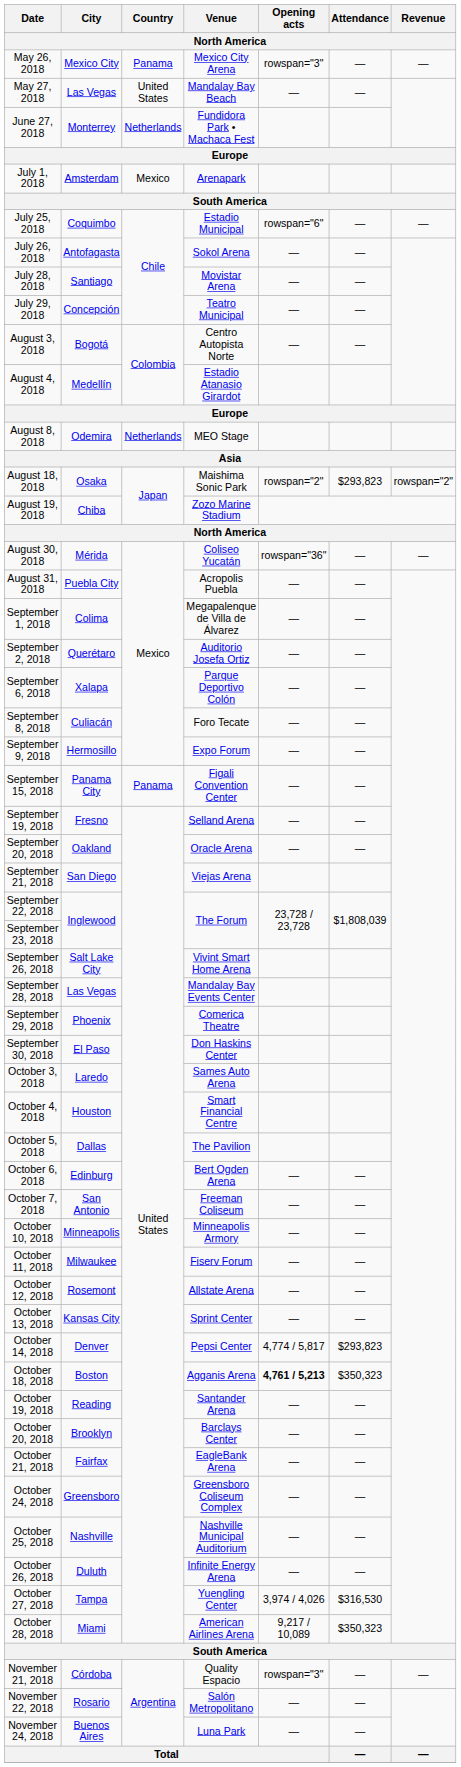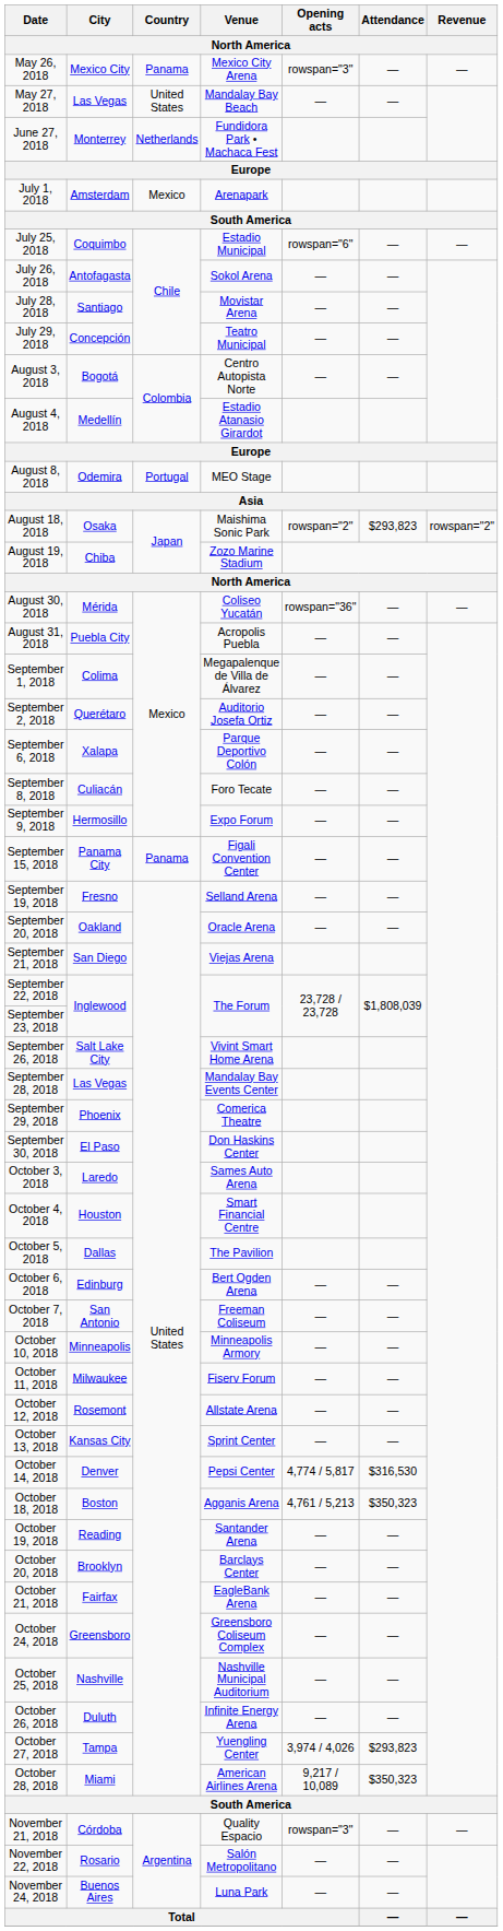 <table class="wikitable" style="text-align:center;">
 <tr>
 <th scope="col" style="width:12em;">Date</th>
 <th scope="col" style="width:10em;">City</th>
 <th scope="col" style="width:10em;">Country</th>
 <th scope="col" style="width:16em;">Venue</th>
 <th scope="col" style="width:10em;">Opening acts</th>
 <th scope="col" style="width:10em;">Attendance</th>
 <th scope="col" style="width:10em;">Revenue</th>
 </tr>
 <tr>
 <th colspan="7">North America</th>
 </tr>
 <tr>
 <td>May 26, 2018</td>
 <td><a href='#'>Mexico City</a></td>
 <td><a href='#'>Panama</a></td>
 <td><a href='#'>Mexico City Arena</a></td>
 <td>rowspan="3" </td>
 <td>—</td>
 <td>—</td>
 </tr>
 <tr>
 <td>May 27, 2018</td>
 <td><a href='#'>Las Vegas</a></td>
 <td>United States</td>
 <td><a href='#'>Mandalay Bay Beach</a></td>
 <td>—</td>
 <td>—</td>
 </tr>
 <tr>
 <td>June 27, 2018</td>
 <td><a href='#'>Monterrey</a></td>
 <td><a href='#'>Netherlands</a></td>
 <td><a href='#'>Fundidora Park</a> • <a href='#'>Machaca Fest</a></td>
 <td></td>
 <td></td>
 </tr>
 <tr>
 <th colspan="7">Europe</th>
 </tr>
 <tr>
 <td>July 1, 2018</td>
 <td><a href='#'>Amsterdam</a></td>
 <td>Mexico</td>
 <td><a href='#'>Arenapark</a></td>
 <td></td>
 <td></td>
 <td></td>
 </tr>
 <tr>
 <th colspan="7">South America</th>
 </tr>
 <tr>
 <td>July 25, 2018</td>
 <td><a href='#'>Coquimbo</a></td>
 <td rowspan="4"><a href='#'>Chile</a></td>
 <td><a href='#'>Estadio Municipal</a></td>
 <td>rowspan="6" </td>
 <td>—</td>
 <td>—</td>
 </tr>
 <tr>
 <td>July 26, 2018</td>
 <td><a href='#'>Antofagasta</a></td>
 <td><a href='#'>Sokol Arena</a></td>
 <td>—</td>
 <td>—</td>
 </tr>
 <tr>
 <td>July 28, 2018</td>
 <td><a href='#'>Santiago</a></td>
 <td><a href='#'>Movistar Arena</a></td>
 <td>—</td>
 <td>—</td>
 </tr>
 <tr>
 <td>July 29, 2018</td>
 <td><a href='#'>Concepción</a></td>
 <td><a href='#'>Teatro Municipal</a></td>
 <td>—</td>
 <td>—</td>
 </tr>
 <tr>
 <td>August 3, 2018</td>
 <td><a href='#'>Bogotá</a></td>
 <td rowspan="2"><a href='#'>Colombia</a></td>
 <td>Centro Autopista Norte</td>
 <td>—</td>
 <td>—</td>
 </tr>
 <tr>
 <td>August 4, 2018</td>
 <td><a href='#'>Medellín</a></td>
 <td><a href='#'>Estadio Atanasio Girardot</a></td>
 <td></td>
 <td></td>
 </tr>
 <tr>
 <th colspan="7">Europe</th>
 </tr>
 <tr>
 <td>August 8, 2018</td>
 <td><a href='#'>Odemira</a></td>
-<td><a href='#'>Netherlands</a></td>
+<td><a href='#'>Portugal</a></td>
 <td>MEO Stage</td>
 <td></td>
 <td></td>
 <td></td>
 </tr>
 <tr>
 <th colspan="7">Asia</th>
 </tr>
 <tr>
 <td>August 18, 2018</td>
 <td><a href='#'>Osaka</a></td>
 <td rowspan="2"><a href='#'>Japan</a></td>
 <td>Maishima Sonic Park</td>
 <td>rowspan="2" </td>
 <td>$293,823</td>
 <td>rowspan="2" </td>
 </tr>
 <tr>
 <td>August 19, 2018</td>
 <td><a href='#'>Chiba</a></td>
 <td><a href='#'>Zozo Marine Stadium</a></td>
 </tr>
 <tr>
 <th colspan="7">North America</th>
 </tr>
 <tr>
 <td>August 30, 2018</td>
 <td><a href='#'>Mérida</a></td>
 <td rowspan="7">Mexico</td>
 <td><a href='#'>Coliseo Yucatán</a></td>
 <td>rowspan="36" </td>
 <td>—</td>
 <td>—</td>
 </tr>
 <tr>
 <td>August 31, 2018</td>
 <td><a href='#'>Puebla City</a></td>
 <td>Acropolis Puebla</td>
 <td>—</td>
 <td>—</td>
 </tr>
 <tr>
 <td>September 1, 2018</td>
 <td><a href='#'>Colima</a></td>
 <td>Megapalenque de Villa de Álvarez</td>
 <td>—</td>
 <td>—</td>
 </tr>
 <tr>
 <td>September 2, 2018</td>
 <td><a href='#'>Querétaro</a></td>
 <td><a href='#'>Auditorio Josefa Ortiz</a></td>
 <td>—</td>
 <td>—</td>
 </tr>
 <tr>
 <td>September 6, 2018</td>
 <td><a href='#'>Xalapa</a></td>
 <td><a href='#'>Parque Deportivo Colón</a></td>
 <td>—</td>
 <td>—</td>
 </tr>
 <tr>
 <td>September 8, 2018</td>
 <td><a href='#'>Culiacán</a></td>
 <td>Foro Tecate</td>
 <td>—</td>
 <td>—</td>
 </tr>
 <tr>
 <td>September 9, 2018</td>
 <td><a href='#'>Hermosillo</a></td>
 <td><a href='#'>Expo Forum</a></td>
 <td>—</td>
 <td>—</td>
 </tr>
 <tr>
 <td>September 15, 2018</td>
 <td><a href='#'>Panama City</a></td>
 <td><a href='#'>Panama</a></td>
 <td><a href='#'>Figali Convention Center</a></td>
 <td>—</td>
 <td>—</td>
 </tr>
 <tr>
 <td>September 19, 2018</td>
 <td><a href='#'>Fresno</a></td>
 <td rowspan="28">United States</td>
 <td><a href='#'>Selland Arena</a></td>
 <td>—</td>
 <td>—</td>
 </tr>
 <tr>
 <td>September 20, 2018</td>
 <td><a href='#'>Oakland</a></td>
 <td><a href='#'>Oracle Arena</a></td>
 <td>—</td>
 <td>—</td>
 </tr>
 <tr>
 <td>September 21, 2018</td>
 <td><a href='#'>San Diego</a></td>
 <td><a href='#'>Viejas Arena</a></td>
 <td></td>
 <td></td>
 </tr>
 <tr>
 <td>September 22, 2018</td>
 <td rowspan="2"><a href='#'>Inglewood</a></td>
 <td rowspan="2"><a href='#'>The Forum</a></td>
 <td rowspan="2">23,728 / 23,728</td>
 <td rowspan="2">$1,808,039</td>
 </tr>
 <tr>
 <td>September 23, 2018</td>
 </tr>
 <tr>
 <td>September 26, 2018</td>
 <td><a href='#'>Salt Lake City</a></td>
 <td><a href='#'>Vivint Smart Home Arena</a></td>
 <td></td>
 <td></td>
 </tr>
 <tr>
 <td>September 28, 2018</td>
 <td><a href='#'>Las Vegas</a></td>
 <td><a href='#'>Mandalay Bay Events Center</a></td>
 <td></td>
 <td></td>
 </tr>
 <tr>
 <td>September 29, 2018</td>
 <td><a href='#'>Phoenix</a></td>
 <td><a href='#'>Comerica Theatre</a></td>
 <td></td>
 <td></td>
 </tr>
 <tr>
 <td>September 30, 2018</td>
 <td><a href='#'>El Paso</a></td>
 <td><a href='#'>Don Haskins Center</a></td>
 <td></td>
 <td></td>
 </tr>
 <tr>
 <td>October 3, 2018</td>
 <td><a href='#'>Laredo</a></td>
 <td><a href='#'>Sames Auto Arena</a></td>
 <td></td>
 <td></td>
 </tr>
 <tr>
 <td>October 4, 2018</td>
 <td><a href='#'>Houston</a></td>
 <td><a href='#'>Smart Financial Centre</a></td>
 <td></td>
 <td></td>
 </tr>
 <tr>
 <td>October 5, 2018</td>
 <td><a href='#'>Dallas</a></td>
 <td><a href='#'>The Pavilion</a></td>
 <td></td>
 <td></td>
 </tr>
 <tr>
 <td>October 6, 2018</td>
 <td><a href='#'>Edinburg</a></td>
 <td><a href='#'>Bert Ogden Arena</a></td>
 <td>—</td>
 <td>—</td>
 </tr>
 <tr>
 <td>October 7, 2018</td>
 <td><a href='#'>San Antonio</a></td>
 <td><a href='#'>Freeman Coliseum</a></td>
 <td>—</td>
 <td>—</td>
 </tr>
 <tr>
 <td>October 10, 2018</td>
 <td><a href='#'>Minneapolis</a></td>
 <td><a href='#'>Minneapolis Armory</a></td>
 <td>—</td>
 <td>—</td>
 </tr>
 <tr>
 <td>October 11, 2018</td>
 <td><a href='#'>Milwaukee</a></td>
 <td><a href='#'>Fiserv Forum</a></td>
 <td>—</td>
 <td>—</td>
 </tr>
 <tr>
 <td>October 12, 2018</td>
 <td><a href='#'>Rosemont</a></td>
 <td><a href='#'>Allstate Arena</a></td>
 <td>—</td>
 <td>—</td>
 </tr>
 <tr>
 <td>October 13, 2018</td>
 <td><a href='#'>Kansas City</a></td>
 <td><a href='#'>Sprint Center</a></td>
 <td>—</td>
 <td>—</td>
 </tr>
 <tr>
 <td>October 14, 2018</td>
 <td><a href='#'>Denver</a></td>
 <td><a href='#'>Pepsi Center</a></td>
 <td>4,774 / 5,817</td>
-<td>$293,823</td>
+<td>$316,530</td>
 </tr>
 <tr>
 <td>October 18, 2018</td>
 <td><a href='#'>Boston</a></td>
 <td><a href='#'>Agganis Arena</a></td>
-<td><strong>4,761 / 5,213</strong></td>
+<td>4,761 / 5,213</td>
 <td>$350,323</td>
 </tr>
 <tr>
 <td>October 19, 2018</td>
 <td><a href='#'>Reading</a></td>
 <td><a href='#'>Santander Arena</a></td>
 <td>—</td>
 <td>—</td>
 </tr>
 <tr>
 <td>October 20, 2018</td>
 <td><a href='#'>Brooklyn</a></td>
 <td><a href='#'>Barclays Center</a></td>
 <td>—</td>
 <td>—</td>
 </tr>
 <tr>
 <td>October 21, 2018</td>
 <td><a href='#'>Fairfax</a></td>
 <td><a href='#'>EagleBank Arena</a></td>
 <td>—</td>
 <td>—</td>
 </tr>
 <tr>
 <td>October 24, 2018</td>
 <td><a href='#'>Greensboro</a></td>
 <td><a href='#'>Greensboro Coliseum Complex</a></td>
 <td>—</td>
 <td>—</td>
 </tr>
 <tr>
 <td>October 25, 2018</td>
 <td><a href='#'>Nashville</a></td>
 <td><a href='#'>Nashville Municipal Auditorium</a></td>
 <td>—</td>
 <td>—</td>
 </tr>
 <tr>
 <td>October 26, 2018</td>
 <td><a href='#'>Duluth</a></td>
 <td><a href='#'>Infinite Energy Arena</a></td>
 <td>—</td>
 <td>—</td>
 </tr>
 <tr>
 <td>October 27, 2018</td>
 <td><a href='#'>Tampa</a></td>
 <td><a href='#'>Yuengling Center</a></td>
 <td>3,974 / 4,026</td>
-<td>$316,530</td>
+<td>$293,823</td>
 </tr>
 <tr>
 <td>October 28, 2018</td>
 <td><a href='#'>Miami</a></td>
 <td><a href='#'>American Airlines Arena</a></td>
 <td>9,217 / 10,089</td>
 <td>$350,323</td>
 </tr>
 <tr>
 <th colspan="7">South America</th>
 </tr>
 <tr>
 <td>November 21, 2018</td>
 <td><a href='#'>Córdoba</a></td>
 <td rowspan="3"><a href='#'>Argentina</a></td>
 <td>Quality Espacio</td>
 <td>rowspan="3" </td>
 <td>—</td>
 <td>—</td>
 </tr>
 <tr>
 <td>November 22, 2018</td>
 <td><a href='#'>Rosario</a></td>
 <td><a href='#'>Salón Metropolitano</a></td>
 <td>—</td>
 <td>—</td>
 </tr>
 <tr>
 <td>November 24, 2018</td>
 <td><a href='#'>Buenos Aires</a></td>
 <td><a href='#'>Luna Park</a></td>
 <td>—</td>
 <td>—</td>
 </tr>
 <tr>
 <th colspan="5"><strong>Total</strong></th>
 <th><strong>—</strong></th>
 <th><strong>—</strong></th>
 </tr>
 <tr>
 </tr>
 </table>
